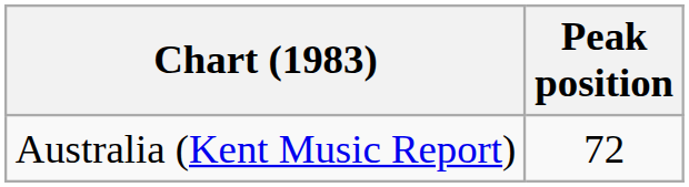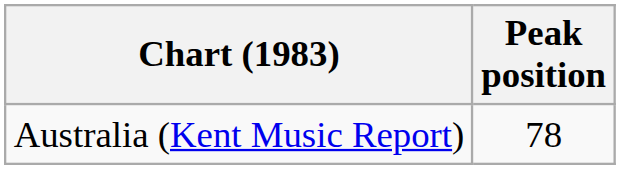 <table class="wikitable">
 <tr>
 <th scope="col">Chart (1983)</th>
 <th>Peak<br>position</th>
 </tr>
 <tr>
 <td>Australia (<a href='#'>Kent Music Report</a>)</td>
-<td style="text-align:center;">72</td>
+<td style="text-align:center;">78</td>
 </tr>
 </table>
